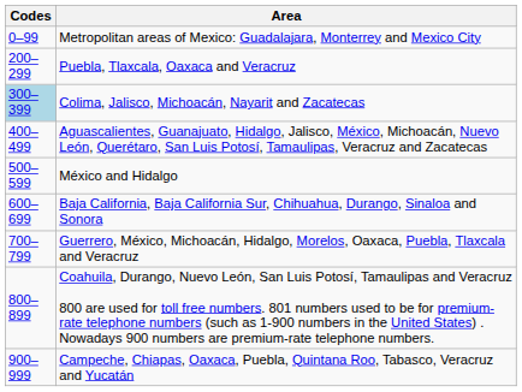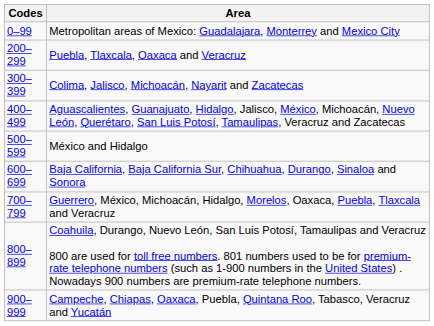 <table class=wikitable>
 <tr>
 <th>Codes</th>
 <th>Area</th>
 </tr>
 <tr>
 <td><a href='#'>0–99</a></td>
 <td>Metropolitan areas of Mexico: <a href='#'>Guadalajara</a>, <a href='#'>Monterrey</a> and <a href='#'>Mexico City</a></td>
 </tr>
 <tr>
 <td><a href='#'>200–299</a></td>
 <td><a href='#'>Puebla</a>, <a href='#'>Tlaxcala</a>, <a href='#'>Oaxaca</a> and <a href='#'>Veracruz</a></td>
 </tr>
 <tr>
-<td style="background: lightblue;"><a href='#'>300–399</a></td>
+<td><a href='#'>300–399</a></td>
 <td><a href='#'>Colima</a>, <a href='#'>Jalisco</a>, <a href='#'>Michoacán</a>, <a href='#'>Nayarit</a> and <a href='#'>Zacatecas</a></td>
 </tr>
 <tr>
 <td><a href='#'>400–499</a></td>
 <td><a href='#'>Aguascalientes</a>, <a href='#'>Guanajuato</a>, <a href='#'>Hidalgo</a>, Jalisco, <a href='#'>México</a>, Michoacán, <a href='#'>Nuevo León</a>, <a href='#'>Querétaro</a>, <a href='#'>San Luis Potosí</a>, <a href='#'>Tamaulipas</a>, Veracruz and Zacatecas</td>
 </tr>
 <tr>
 <td><a href='#'>500–599</a></td>
 <td>México and Hidalgo</td>
 </tr>
 <tr>
 <td><a href='#'>600–699</a></td>
 <td><a href='#'>Baja California</a>, <a href='#'>Baja California Sur</a>, <a href='#'>Chihuahua</a>, <a href='#'>Durango</a>, <a href='#'>Sinaloa</a> and <a href='#'>Sonora</a></td>
 </tr>
 <tr>
 <td><a href='#'>700–799</a></td>
 <td><a href='#'>Guerrero</a>, México, Michoacán, Hidalgo, <a href='#'>Morelos</a>, Oaxaca, <a href='#'>Puebla</a>, <a href='#'>Tlaxcala</a> and Veracruz</td>
 </tr>
 <tr>
 <td><a href='#'>800–899</a></td>
 <td><a href='#'>Coahuila</a>, Durango, Nuevo León, San Luis Potosí, Tamaulipas and Veracruz<br><br>800 are used for <a href='#'>toll free numbers</a>. 801 numbers used to be for <a href='#'>premium-rate telephone numbers</a> (such as 1-900 numbers in the <a href='#'>United States</a>) . Nowadays 900 numbers are premium-rate telephone numbers.</td>
 </tr>
 <tr>
 <td><a href='#'>900–999</a></td>
 <td><a href='#'>Campeche</a>, <a href='#'>Chiapas</a>, <a href='#'>Oaxaca</a>, Puebla, <a href='#'>Quintana Roo</a>, Tabasco, Veracruz and <a href='#'>Yucatán</a></td>
 </tr>
 </table>
